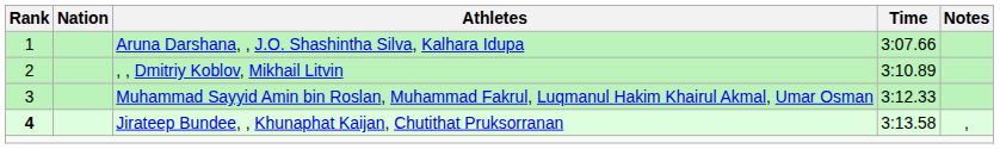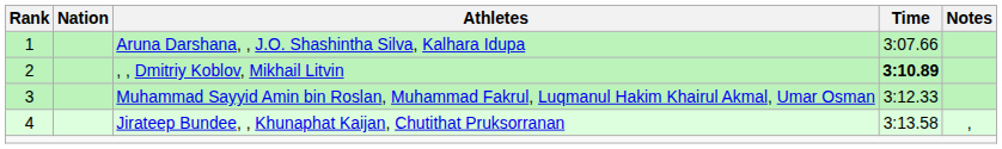 <table class="wikitable sortable" style="text-align:center;font-size:95%">
 <tr>
 <th scope="col" style="width: 10px;">Rank</th>
 <th scope="col">Nation</th>
 <th scope="col">Athletes</th>
 <th scope="col">Time</th>
 <th scope="col">Notes</th>
 </tr>
 <tr bgcolor=bbf3bb>
 <td>1</td>
 <td align="left"></td>
 <td align="left"><a href='#'>Aruna Darshana</a>, , <a href='#'>J.O. Shashintha Silva</a>, <a href='#'>Kalhara Idupa</a></td>
 <td>3:07.66</td>
 <td></td>
 </tr>
 <tr bgcolor=bbf3bb>
 <td>2</td>
 <td align="left"></td>
 <td align="left">, , <a href='#'>Dmitriy Koblov</a>, <a href='#'>Mikhail Litvin</a></td>
-<td>3:10.89</td>
+<td><strong>3:10.89</strong></td>
 <td></td>
 </tr>
 <tr bgcolor=bbf3bb>
 <td>3</td>
 <td align="left"></td>
 <td align="left"><a href='#'>Muhammad Sayyid Amin bin Roslan</a>, <a href='#'>Muhammad Fakrul</a>, <a href='#'>Luqmanul Hakim Khairul Akmal</a>, <a href='#'>Umar Osman</a></td>
 <td>3:12.33</td>
 <td></td>
 </tr>
 <tr bgcolor=ddffdd>
-<td><strong>4</strong></td>
+<td>4</td>
 <td align="left"></td>
 <td align="left"><a href='#'>Jirateep Bundee</a>, , <a href='#'>Khunaphat Kaijan</a>, <a href='#'>Chutithat Pruksorranan</a></td>
 <td>3:13.58</td>
 <td>, </td>
 </tr>
 <tr class="sortbottom">
 <td colspan="5"></td>
 </tr>
 </table>
